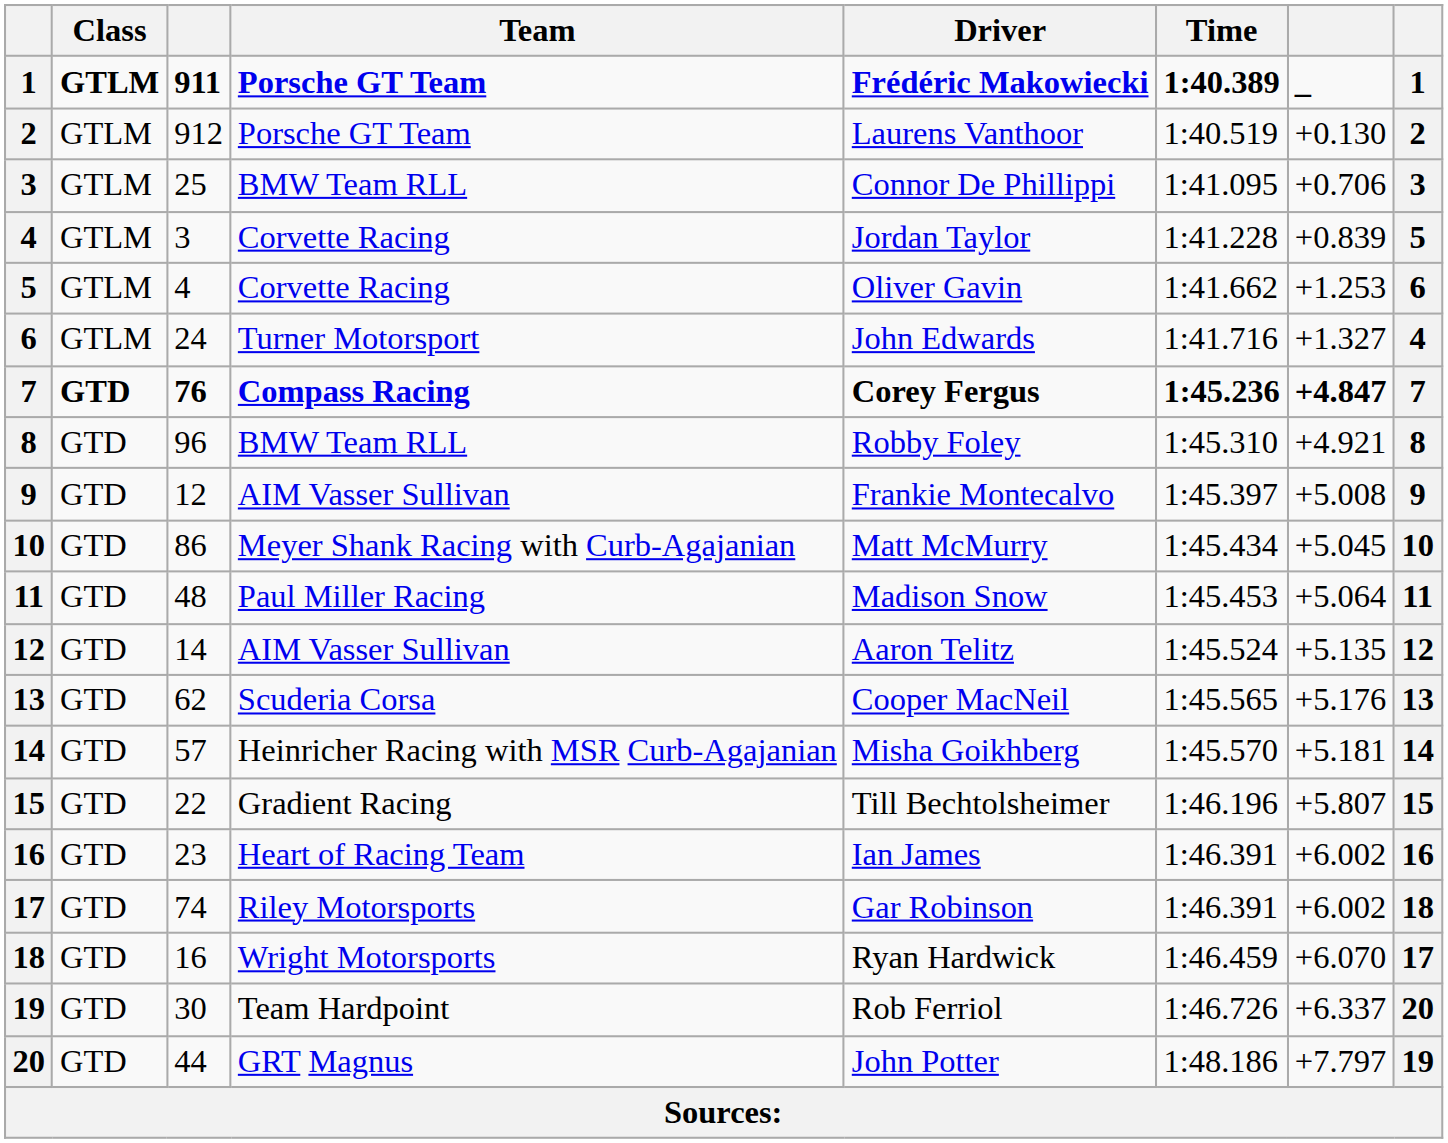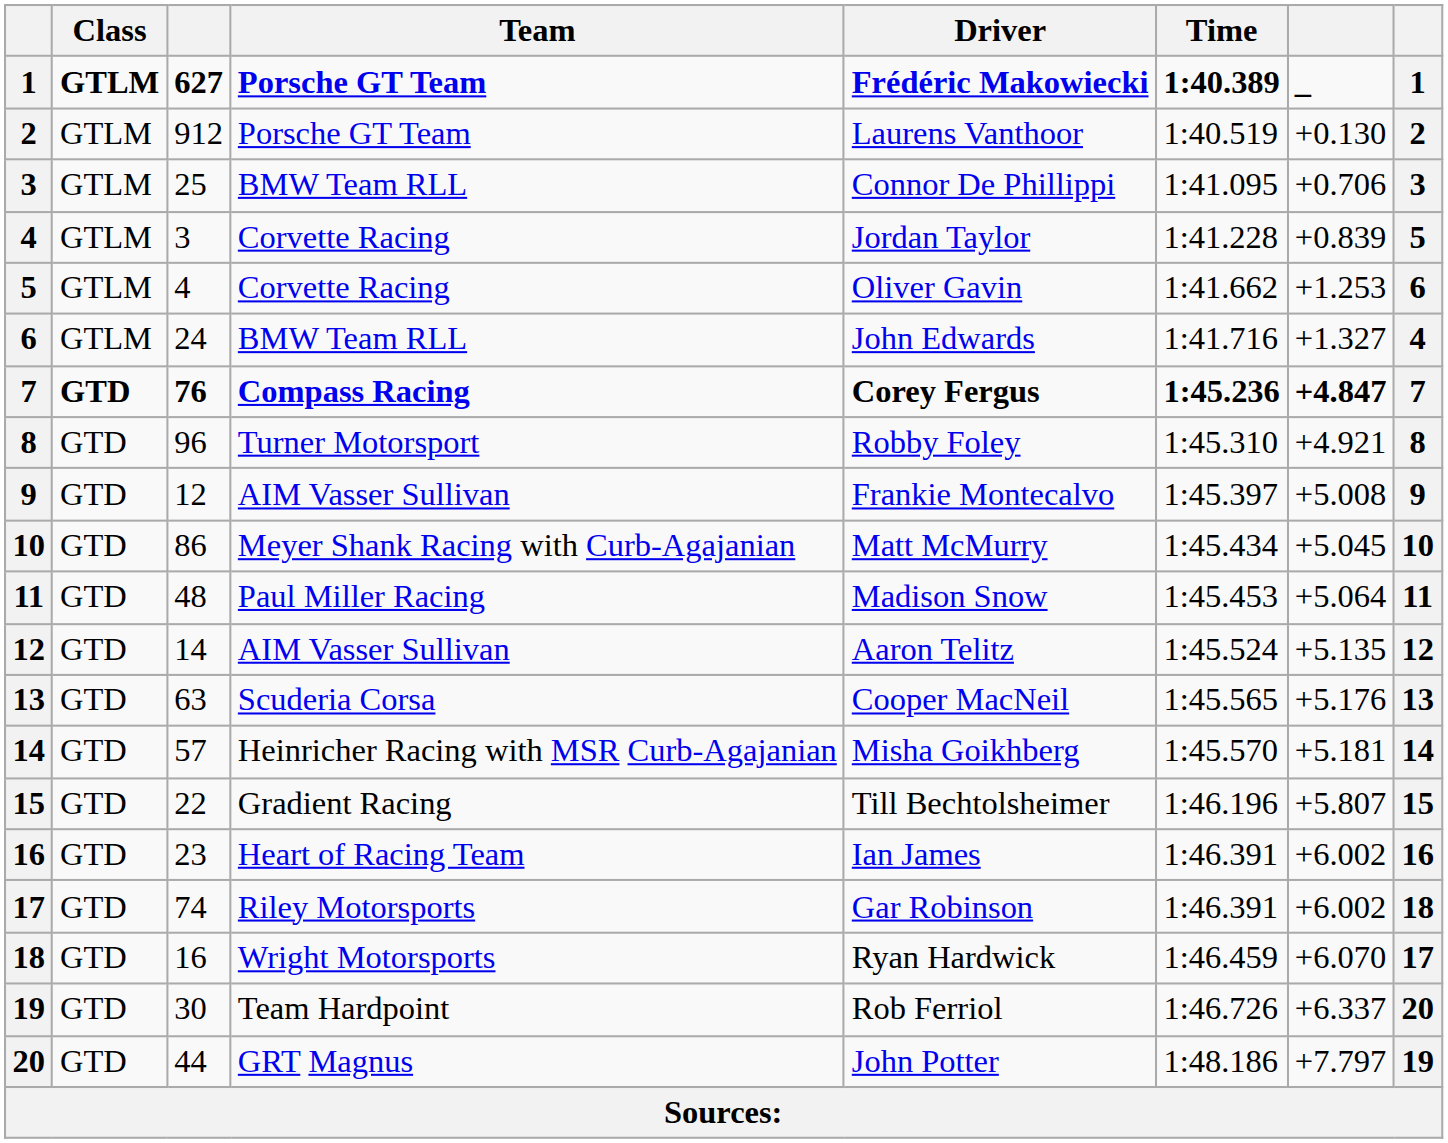 <table class="wikitable">
 <tr>
 <th scope="col"></th>
 <th scope="col">Class</th>
 <th scope="col"></th>
 <th scope="col">Team</th>
 <th scope="col">Driver</th>
 <th scope="col">Time</th>
 <th scope="col"></th>
 <th scope="col"></th>
 </tr>
 <tr style="font-weight:bold">
 <th scope="row">1</th>
 <td>GTLM</td>
-<td>911</td>
+<td>627</td>
 <td> <a href='#'>Porsche GT Team</a></td>
 <td> <a href='#'>Frédéric Makowiecki</a></td>
 <td>1:40.389</td>
 <td>_</td>
 <th>1</th>
 </tr>
 <tr>
 <th scope="row">2</th>
 <td>GTLM</td>
 <td>912</td>
 <td> <a href='#'>Porsche GT Team</a></td>
 <td> <a href='#'>Laurens Vanthoor</a></td>
 <td>1:40.519</td>
 <td>+0.130</td>
 <th>2</th>
 </tr>
 <tr>
 <th scope="row">3</th>
 <td>GTLM</td>
 <td>25</td>
 <td> <a href='#'>BMW Team RLL</a></td>
 <td> <a href='#'>Connor De Phillippi</a></td>
 <td>1:41.095</td>
 <td>+0.706</td>
 <th>3</th>
 </tr>
 <tr>
 <th scope="row">4</th>
 <td>GTLM</td>
 <td>3</td>
 <td> <a href='#'>Corvette Racing</a></td>
 <td> <a href='#'>Jordan Taylor</a></td>
 <td>1:41.228</td>
 <td>+0.839</td>
 <th>5</th>
 </tr>
 <tr>
 <th scope="row">5</th>
 <td>GTLM</td>
 <td>4</td>
 <td> <a href='#'>Corvette Racing</a></td>
 <td> <a href='#'>Oliver Gavin</a></td>
 <td>1:41.662</td>
 <td>+1.253</td>
 <th>6</th>
 </tr>
 <tr>
 <th scope="row">6</th>
 <td>GTLM</td>
 <td>24</td>
-<td> <a href='#'>Turner Motorsport</a></td>
+<td> <a href='#'>BMW Team RLL</a></td>
 <td> <a href='#'>John Edwards</a></td>
 <td>1:41.716</td>
 <td>+1.327</td>
 <th>4</th>
 </tr>
 <tr style="font-weight:bold">
 <th scope="row">7</th>
 <td>GTD</td>
 <td>76</td>
 <td> <a href='#'>Compass Racing</a></td>
 <td> Corey Fergus</td>
 <td>1:45.236</td>
 <td>+4.847</td>
 <th>7</th>
 </tr>
 <tr>
 <th scope="row">8</th>
 <td>GTD</td>
 <td>96</td>
-<td> <a href='#'>BMW Team RLL</a></td>
+<td> <a href='#'>Turner Motorsport</a></td>
 <td> <a href='#'>Robby Foley</a></td>
 <td>1:45.310</td>
 <td>+4.921</td>
 <th>8</th>
 </tr>
 <tr>
 <th scope="row">9</th>
 <td>GTD</td>
 <td>12</td>
 <td> <a href='#'>AIM Vasser Sullivan</a></td>
 <td> <a href='#'>Frankie Montecalvo</a></td>
 <td>1:45.397</td>
 <td>+5.008</td>
 <th>9</th>
 </tr>
 <tr>
 <th scope="row">10</th>
 <td>GTD</td>
 <td>86</td>
 <td> <a href='#'>Meyer Shank Racing</a> with <a href='#'>Curb-Agajanian</a></td>
 <td> <a href='#'>Matt McMurry</a></td>
 <td>1:45.434</td>
 <td>+5.045</td>
 <th>10</th>
 </tr>
 <tr>
 <th scope="row">11</th>
 <td>GTD</td>
 <td>48</td>
 <td> <a href='#'>Paul Miller Racing</a></td>
 <td> <a href='#'>Madison Snow</a></td>
 <td>1:45.453</td>
 <td>+5.064</td>
 <th>11</th>
 </tr>
 <tr>
 <th scope="row">12</th>
 <td>GTD</td>
 <td>14</td>
 <td> <a href='#'>AIM Vasser Sullivan</a></td>
 <td> <a href='#'>Aaron Telitz</a></td>
 <td>1:45.524</td>
 <td>+5.135</td>
 <th>12</th>
 </tr>
 <tr>
 <th scope="row">13</th>
 <td>GTD</td>
-<td>62</td>
+<td>63</td>
 <td> <a href='#'>Scuderia Corsa</a></td>
 <td> <a href='#'>Cooper MacNeil</a></td>
 <td>1:45.565</td>
 <td>+5.176</td>
 <th>13</th>
 </tr>
 <tr>
 <th scope="row">14</th>
 <td>GTD</td>
 <td>57</td>
 <td> Heinricher Racing with <a href='#'>MSR</a> <a href='#'>Curb-Agajanian</a></td>
 <td> <a href='#'>Misha Goikhberg</a></td>
 <td>1:45.570</td>
 <td>+5.181</td>
 <th>14</th>
 </tr>
 <tr>
 <th scope="row">15</th>
 <td>GTD</td>
 <td>22</td>
 <td> Gradient Racing</td>
 <td> Till Bechtolsheimer</td>
 <td>1:46.196</td>
 <td>+5.807</td>
 <th>15</th>
 </tr>
 <tr>
 <th scope="row">16</th>
 <td>GTD</td>
 <td>23</td>
 <td> <a href='#'>Heart of Racing Team</a></td>
 <td> <a href='#'>Ian James</a></td>
 <td>1:46.391</td>
 <td>+6.002</td>
 <th>16</th>
 </tr>
 <tr>
 <th scope="row">17</th>
 <td>GTD</td>
 <td>74</td>
 <td> <a href='#'>Riley Motorsports</a></td>
 <td> <a href='#'>Gar Robinson</a></td>
 <td>1:46.391</td>
 <td>+6.002</td>
 <th>18</th>
 </tr>
 <tr>
 <th scope="row">18</th>
 <td>GTD</td>
 <td>16</td>
 <td> <a href='#'>Wright Motorsports</a></td>
 <td> Ryan Hardwick</td>
 <td>1:46.459</td>
 <td>+6.070</td>
 <th>17</th>
 </tr>
 <tr>
 <th scope="row">19</th>
 <td>GTD</td>
 <td>30</td>
 <td> Team Hardpoint</td>
 <td> Rob Ferriol</td>
 <td>1:46.726</td>
 <td>+6.337</td>
 <th>20</th>
 </tr>
 <tr>
 <th scope="row">20</th>
 <td>GTD</td>
 <td>44</td>
 <td> <a href='#'>GRT</a> <a href='#'>Magnus</a></td>
 <td> <a href='#'>John Potter</a></td>
 <td>1:48.186</td>
 <td>+7.797</td>
 <th>19</th>
 </tr>
 <tr>
 <th colspan="8">Sources:</th>
 </tr>
 </table>
